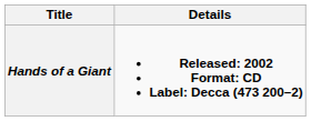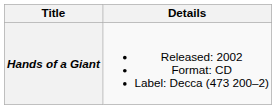 <table class="wikitable plainrowheaders" style="text-align:center;" border="1">
 <tr>
 <th>Title</th>
 <th>Details</th>
 </tr>
 <tr>
 <th scope="row"><em>Hands of a Giant</em></th>
-<td><strong><br><ul><li>Released: 2002</li><li>Format: CD</li><li>Label: Decca (473 200–2)</li></ul></strong></td>
+<td><br><ul><li>Released: 2002</li><li>Format: CD</li><li>Label: Decca (473 200–2)</li></ul></td>
 </tr>
 </table>
